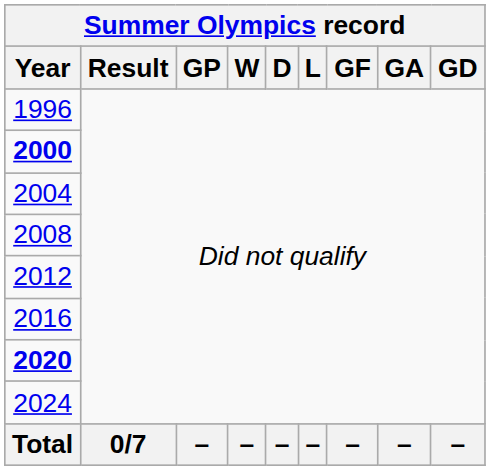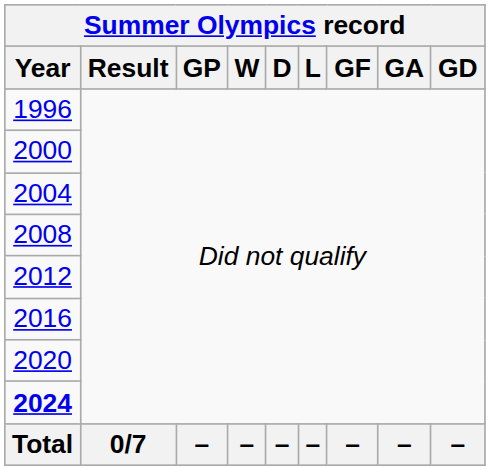 <table class="wikitable" style="text-align: center; width:33%;">
 <tr>
 <th colspan=11><a href='#'>Summer Olympics</a> record</th>
 </tr>
 <tr>
 <th>Year</th>
 <th>Result</th>
 <th>GP</th>
 <th>W</th>
 <th>D</th>
 <th>L</th>
 <th>GF</th>
 <th>GA</th>
 <th>GD</th>
 </tr>
 <tr>
 <td> <a href='#'>1996</a></td>
 <td colspan=11 rowspan=8><em>Did not qualify</em></td>
 </tr>
 <tr>
-<td><strong> <a href='#'>2000</a></strong></td>
+<td> <a href='#'>2000</a></td>
 </tr>
 <tr>
 <td> <a href='#'>2004</a></td>
 </tr>
 <tr>
 <td> <a href='#'>2008</a></td>
 </tr>
 <tr>
 <td> <a href='#'>2012</a></td>
 </tr>
 <tr>
 <td> <a href='#'>2016</a></td>
 </tr>
 <tr>
-<td><strong> <a href='#'>2020</a></strong></td>
+<td> <a href='#'>2020</a></td>
 </tr>
 <tr>
-<td> <a href='#'>2024</a></td>
+<td><strong> <a href='#'>2024</a></strong></td>
 </tr>
 <tr>
 <th><strong>Total</strong></th>
 <th><strong>0/7</strong></th>
 <th><strong>–</strong></th>
 <th><strong>–</strong></th>
 <th><strong>–</strong></th>
 <th><strong>–</strong></th>
 <th><strong>–</strong></th>
 <th><strong>–</strong></th>
 <th><strong>–</strong></th>
 </tr>
 </table>
